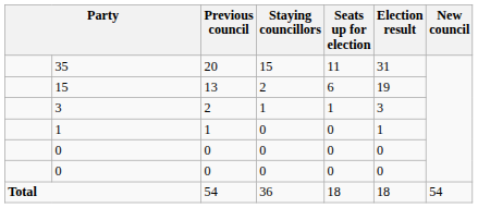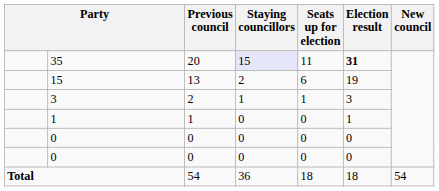 <table class="wikitable">
 <tr>
 <th valign=top colspan="2" style="width: 230px">Party</th>
 <th valign=top style="width: 30px">Previous council</th>
 <th valign=top style="width: 30px">Staying councillors</th>
 <th valign=top style="width: 30px">Seats up for election</th>
 <th valign=top style="width: 30px">Election result</th>
 <th valign=top style="width: 30px">New council</th>
 </tr>
 <tr>
 <td></td>
 <td>35</td>
 <td>20</td>
-<td>15</td>
+<td style="background: lavender;">15</td>
 <td>11</td>
-<td>31</td>
+<td><strong>31</strong></td>
 </tr>
 <tr>
 <td></td>
 <td>15</td>
 <td>13</td>
 <td>2</td>
 <td>6</td>
 <td>19</td>
 </tr>
 <tr>
 <td></td>
 <td>3</td>
 <td>2</td>
 <td>1</td>
 <td>1</td>
 <td>3</td>
 </tr>
 <tr>
 <td></td>
 <td>1</td>
 <td>1</td>
 <td>0</td>
 <td>0</td>
 <td>1</td>
 </tr>
 <tr>
 <td></td>
 <td>0</td>
 <td>0</td>
 <td>0</td>
 <td>0</td>
 <td>0</td>
 </tr>
 <tr>
 <td></td>
 <td>0</td>
 <td>0</td>
 <td>0</td>
 <td>0</td>
 <td>0</td>
 </tr>
 <tr>
 <td colspan="2"><strong>Total</strong></td>
 <td>54</td>
 <td>36</td>
 <td>18</td>
 <td>18</td>
 <td>54</td>
 </tr>
 </table>
